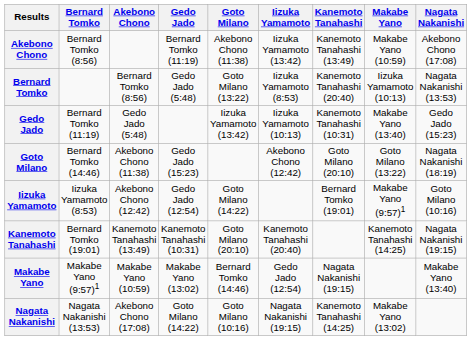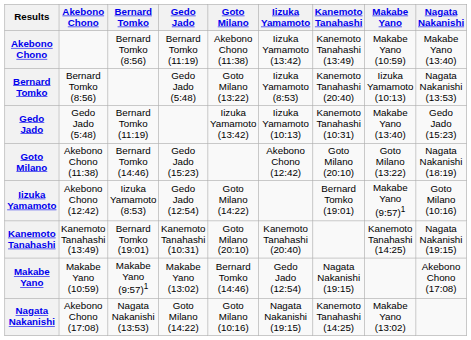 <table class="wikitable" style="text-align:center; margin: 1em auto 1em auto">
 <tr align="center">
 <th>Results</th>
+<th><a href='#'>Akebono</a><br><a href='#'>Chono</a></th>
 <th><a href='#'>Bernard</a><br><a href='#'>Tomko</a></th>
-<th><a href='#'>Akebono</a><br><a href='#'>Chono</a></th>
 <th><a href='#'>Gedo</a><br><a href='#'>Jado</a></th>
 <th><a href='#'>Goto</a><br><a href='#'>Milano</a></th>
 <th><a href='#'>Iizuka</a><br><a href='#'>Yamamoto</a></th>
 <th><a href='#'>Kanemoto</a><br><a href='#'>Tanahashi</a></th>
 <th><a href='#'>Makabe</a><br><a href='#'>Yano</a></th>
 <th><a href='#'>Nagata</a><br><a href='#'>Nakanishi</a></th>
 </tr>
 <tr align="center">
 <th><a href='#'>Akebono</a><br><a href='#'>Chono</a></th>
+<td></td>
 <td>Bernard<br>Tomko<br>(8:56)</td>
-<td></td>
 <td>Bernard<br>Tomko<br>(11:19)</td>
 <td>Akebono<br>Chono<br>(11:38)</td>
 <td>Iizuka<br>Yamamoto<br>(13:42)</td>
 <td>Kanemoto<br>Tanahashi<br> (13:49)</td>
 <td>Makabe<br>Yano<br>(10:59)</td>
-<td>Akebono<br>Chono<br>(17:08)</td>
+<td>Makabe<br>Yano<br>(13:40)</td>
 </tr>
 <tr align="center">
 <th><a href='#'>Bernard</a><br><a href='#'>Tomko</a></th>
+<td>Bernard<br>Tomko<br>(8:56)</td>
 <td></td>
-<td>Bernard<br>Tomko<br>(8:56)</td>
 <td>Gedo<br>Jado<br>(5:48)</td>
 <td>Goto<br>Milano<br>(13:22)</td>
 <td>Iizuka<br>Yamamoto<br>(8:53)</td>
 <td>Kanemoto<br>Tanahashi<br>(20:40)</td>
 <td>Iizuka<br>Yamamoto<br>(10:13)</td>
 <td>Nagata<br>Nakanishi<br>(13:53)</td>
 </tr>
 <tr align="center">
 <th><a href='#'>Gedo</a><br><a href='#'>Jado</a></th>
+<td>Gedo<br>Jado<br>(5:48)</td>
 <td>Bernard<br>Tomko<br>(11:19)</td>
-<td>Gedo<br>Jado<br>(5:48)</td>
 <td></td>
 <td>Iizuka<br>Yamamoto<br>(13:42)</td>
 <td>Iizuka<br>Yamamoto<br>(10:13)</td>
 <td>Kanemoto<br>Tanahashi<br>(10:31)</td>
 <td>Makabe<br>Yano<br>(13:40)</td>
 <td>Gedo<br>Jado<br> (15:23)</td>
 </tr>
 <tr align="center">
 <th><a href='#'>Goto</a><br><a href='#'>Milano</a></th>
+<td>Akebono<br>Chono<br>(11:38)</td>
 <td>Bernard<br>Tomko<br>(14:46)</td>
-<td>Akebono<br>Chono<br>(11:38)</td>
 <td>Gedo<br>Jado<br>(15:23)</td>
 <td></td>
 <td>Akebono<br>Chono<br>(12:42)</td>
 <td>Goto<br>Milano<br>(20:10)</td>
 <td>Goto<br>Milano<br>(13:22)</td>
 <td>Nagata<br>Nakanishi<br>(18:19)</td>
 </tr>
 <tr align="center">
 <th><a href='#'>Iizuka</a><br><a href='#'>Yamamoto</a></th>
+<td>Akebono<br>Chono<br>(12:42)</td>
 <td>Iizuka<br>Yamamoto<br>(8:53)</td>
-<td>Akebono<br>Chono<br>(12:42)</td>
 <td>Gedo<br>Jado<br>(12:54)</td>
 <td>Goto<br>Milano<br>(14:22)</td>
 <td></td>
 <td>Bernard<br>Tomko<br>(19:01)</td>
 <td>Makabe<br>Yano<br>(9:57)<sup>1</sup></td>
 <td>Goto<br>Milano<br>(10:16)</td>
 </tr>
 <tr align="center">
 <th><a href='#'>Kanemoto</a><br><a href='#'>Tanahashi</a></th>
+<td>Kanemoto<br>Tanahashi<br>(13:49)</td>
 <td>Bernard<br>Tomko<br>(19:01)</td>
-<td>Kanemoto<br>Tanahashi<br>(13:49)</td>
 <td>Kanemoto<br>Tanahashi<br>(10:31)</td>
 <td>Goto<br>Milano<br>(20:10)</td>
 <td>Kanemoto<br>Tanahashi<br>(20:40)</td>
 <td></td>
 <td>Kanemoto<br>Tanahashi<br>(14:25)</td>
 <td>Nagata<br>Nakanishi<br>(19:15)</td>
 </tr>
 <tr align="center">
 <th><a href='#'>Makabe</a><br><a href='#'>Yano</a></th>
+<td>Makabe<br>Yano<br>(10:59)</td>
 <td>Makabe<br>Yano<br>(9:57)<sup>1</sup></td>
-<td>Makabe<br>Yano<br>(10:59)</td>
 <td>Makabe<br>Yano<br>(13:02)</td>
 <td>Bernard<br>Tomko<br>(14:46)</td>
 <td>Gedo<br>Jado<br>(12:54)</td>
 <td>Nagata<br>Nakanishi<br>(19:15)</td>
 <td></td>
-<td>Makabe<br>Yano<br>(13:40)</td>
+<td>Akebono<br>Chono<br>(17:08)</td>
 </tr>
 <tr align="center">
 <th><a href='#'>Nagata</a><br><a href='#'>Nakanishi</a></th>
+<td>Akebono<br>Chono<br>(17:08)</td>
 <td>Nagata<br>Nakanishi<br>(13:53)</td>
-<td>Akebono<br>Chono<br>(17:08)</td>
 <td>Goto<br>Milano<br>(14:22)</td>
 <td>Goto<br>Milano<br>(10:16)</td>
 <td>Nagata<br>Nakanishi<br>(19:15)</td>
 <td>Kanemoto<br>Tanahashi<br>(14:25)</td>
 <td>Makabe<br>Yano<br>(13:02)</td>
 <td></td>
 </tr>
 </table>
